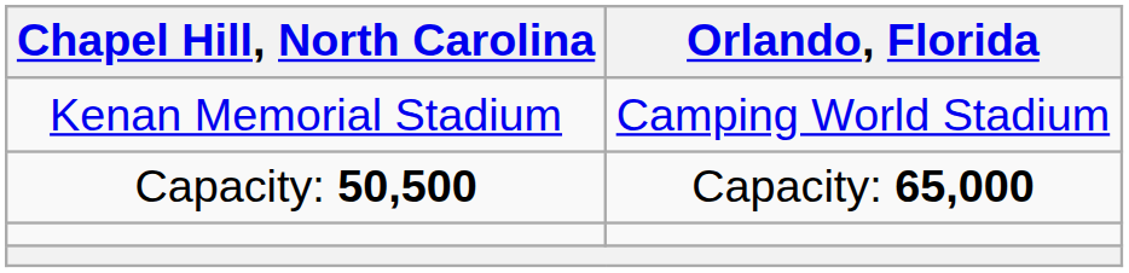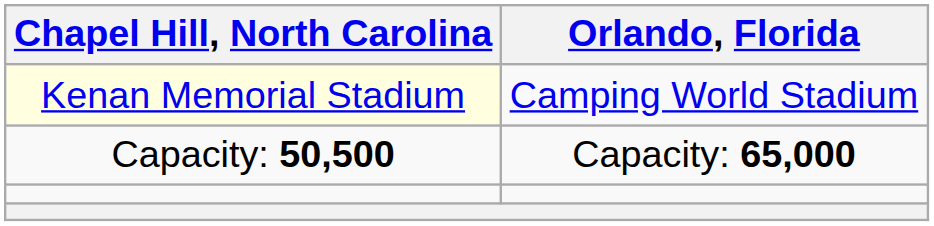 <table class="wikitable" style="text-align:center">
 <tr>
 <th><a href='#'>Chapel Hill</a>, <a href='#'>North Carolina</a></th>
 <th><a href='#'>Orlando</a>, <a href='#'>Florida</a></th>
 </tr>
 <tr>
-<td><a href='#'>Kenan Memorial Stadium</a></td>
+<td style="background: lightyellow;"><a href='#'>Kenan Memorial Stadium</a></td>
 <td><a href='#'>Camping World Stadium</a></td>
 </tr>
 <tr>
 <td>Capacity: <strong>50,500</strong></td>
 <td>Capacity: <strong>65,000</strong></td>
 </tr>
 <tr>
 <td></td>
 <td></td>
 </tr>
 <tr>
 <th colspan="2"></th>
 </tr>
 </table>
